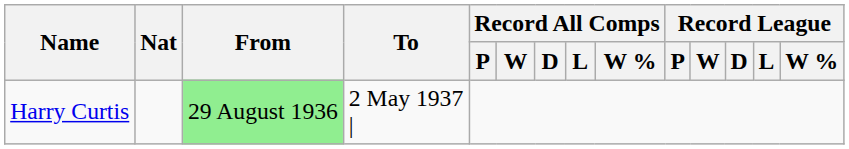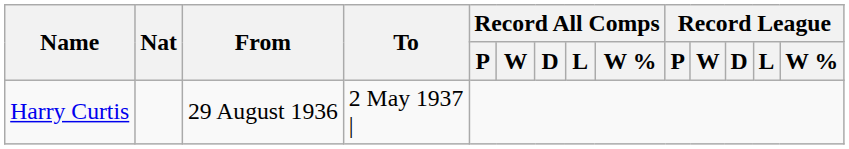 <table class="wikitable" style="text-align: center">
 <tr>
 <th rowspan="2">Name</th>
 <th rowspan="2">Nat</th>
 <th rowspan="2">From</th>
 <th rowspan="2">To</th>
 <th colspan="5">Record All Comps</th>
 <th colspan="5">Record League</th>
 </tr>
 <tr>
 <th>P</th>
 <th>W</th>
 <th>D</th>
 <th>L</th>
 <th>W %</th>
 <th>P</th>
 <th>W</th>
 <th>D</th>
 <th>L</th>
 <th>W %</th>
 </tr>
 <tr>
 <td align=left><a href='#'>Harry Curtis</a></td>
 <td></td>
-<td align=left style="background: lightgreen;">29 August 1936</td>
+<td align=left>29 August 1936</td>
 <td align=left>2 May 1937<br>|</td>
 </tr>
 </table>
